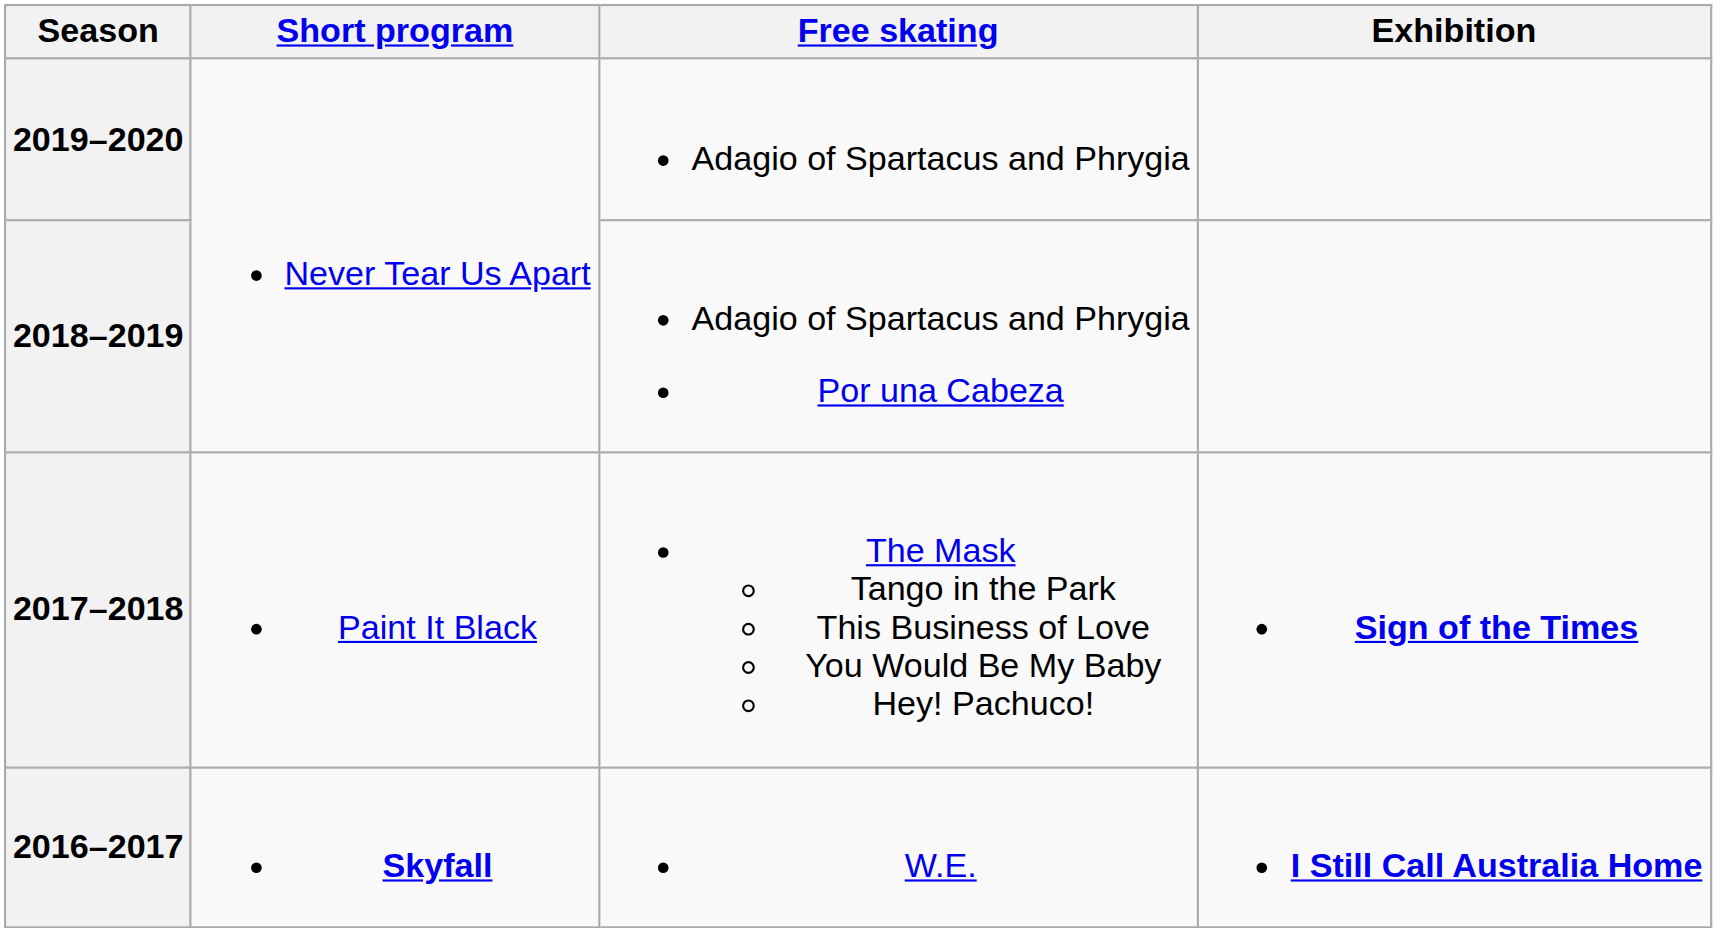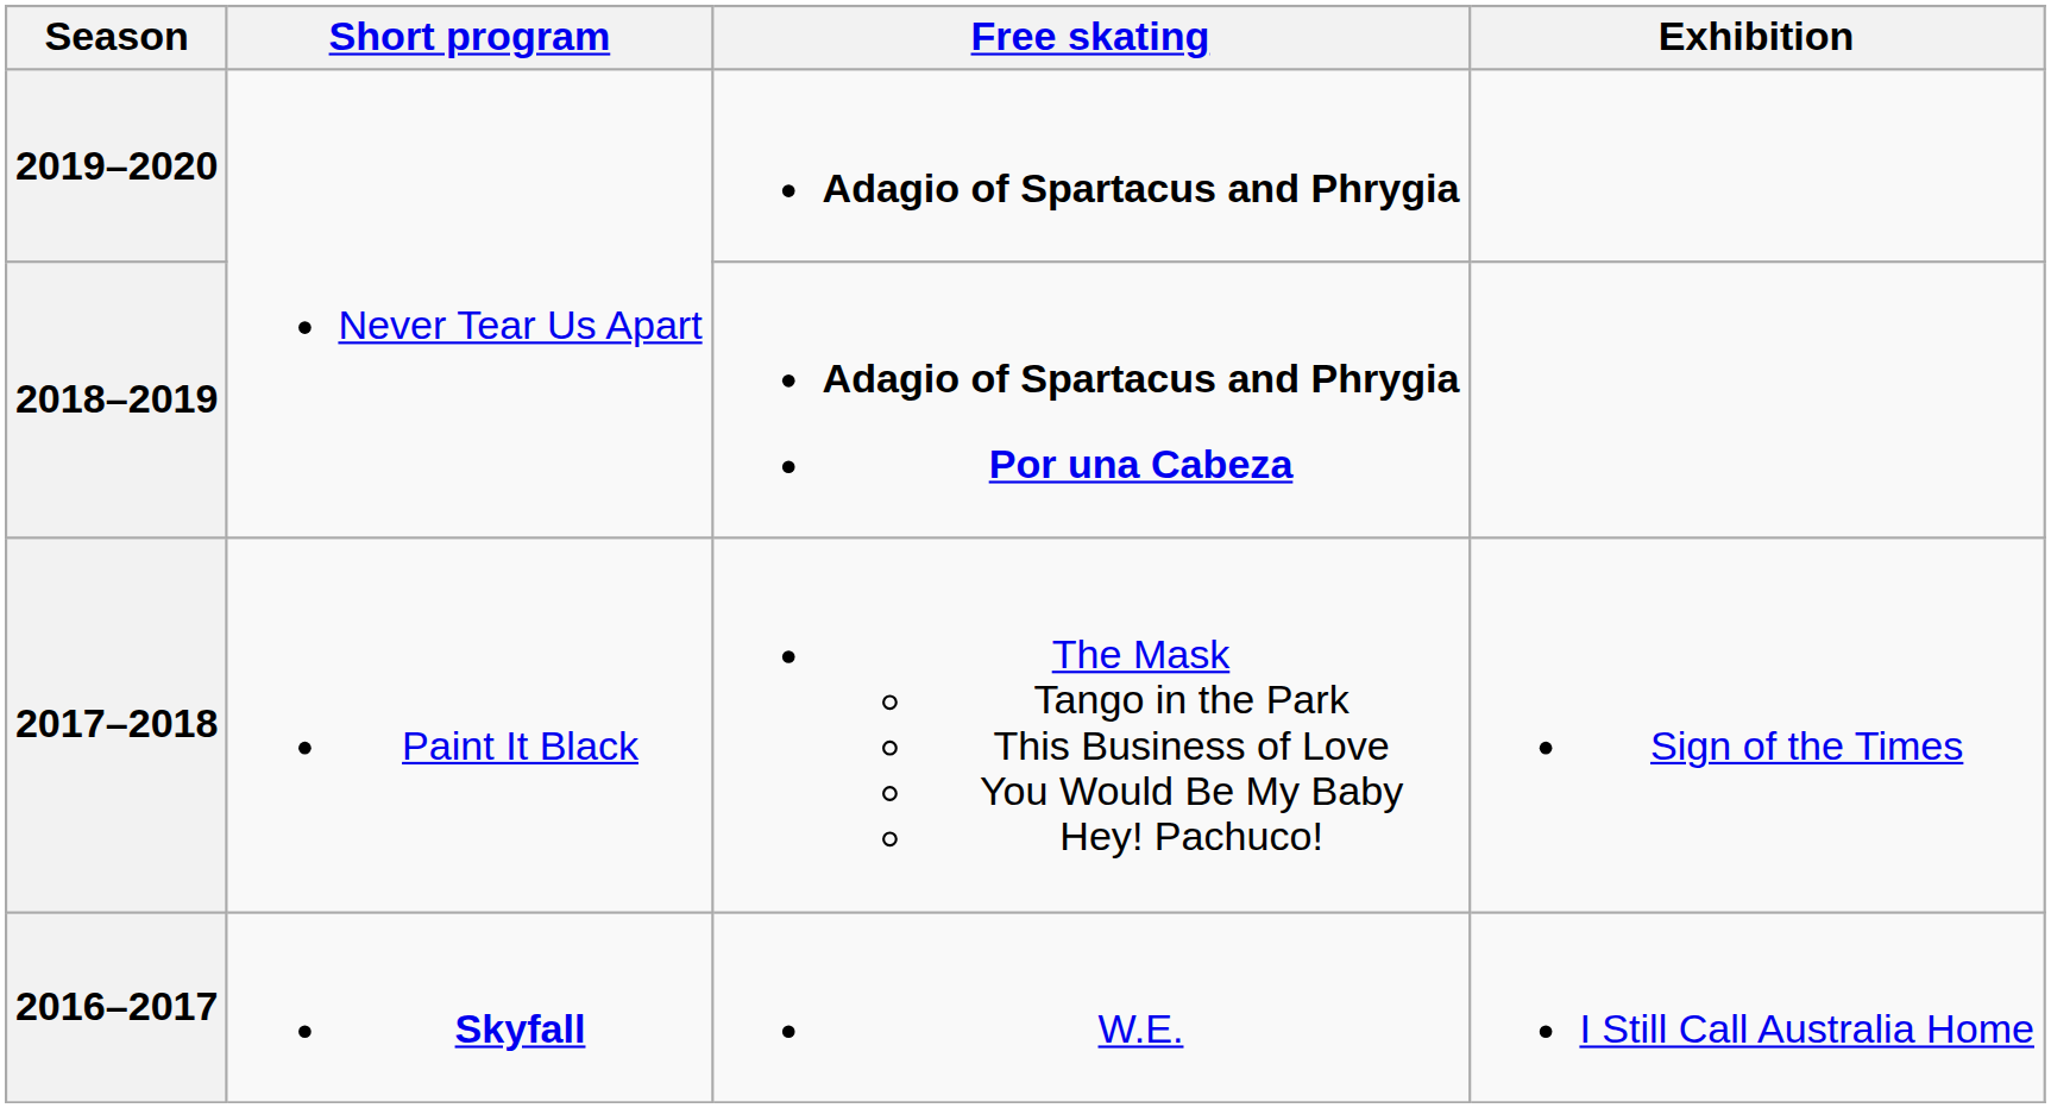 <table class=wikitable style=text-align:center>
 <tr>
 <th>Season</th>
 <th><a href='#'>Short program</a></th>
 <th><a href='#'>Free skating</a></th>
 <th>Exhibition</th>
 </tr>
 <tr>
 <th>2019–2020 <br></th>
 <td rowspan=2><br><ul><li><a href='#'>Never Tear Us Apart</a> <br> </li></ul></td>
-<td><br><ul><li>Adagio of Spartacus and Phrygia <br> </li></ul></td>
+<td><strong><br><ul><li>Adagio of Spartacus and Phrygia <br> </li></ul></strong></td>
 <td></td>
 </tr>
 <tr>
 <th>2018–2019 <br></th>
-<td><br><ul><li>Adagio of Spartacus and Phrygia <br> </li></ul><ul><li><a href='#'>Por una Cabeza</a> <br> </li></ul></td>
+<td><strong><br><ul><li>Adagio of Spartacus and Phrygia <br> </li></ul><ul><li><a href='#'>Por una Cabeza</a> <br> </li></ul></strong></td>
 <td></td>
 </tr>
 <tr>
 <th>2017–2018 <br></th>
 <td><br><ul><li><a href='#'>Paint It Black</a> <br></li></ul></td>
 <td><br><ul><li><a href='#'>The Mask</a><ul><li>Tango in the Park <br></li><li>This Business of Love <br></li><li>You Would Be My Baby <br></li><li>Hey! Pachuco! <br></li></ul></li></ul></td>
-<td><strong><br><ul><li><a href='#'>Sign of the Times</a> <br></li></ul></strong></td>
+<td><br><ul><li><a href='#'>Sign of the Times</a> <br></li></ul></td>
 </tr>
 <tr>
 <th>2016–2017 <br></th>
 <td><strong><br><ul><li><a href='#'>Skyfall</a> <br></li></ul></strong></td>
 <td><br><ul><li><a href='#'>W.E.</a> <br></li></ul></td>
-<td><strong><br><ul><li><a href='#'>I Still Call Australia Home</a> <br></li></ul></strong></td>
+<td><br><ul><li><a href='#'>I Still Call Australia Home</a> <br></li></ul></td>
 </tr>
 </table>
